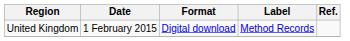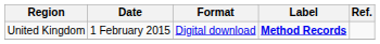 <table class=wikitable>
 <tr>
 <th>Region</th>
 <th>Date</th>
 <th>Format</th>
 <th>Label</th>
 <th>Ref.</th>
 </tr>
 <tr>
 <td>United Kingdom</td>
 <td>1 February 2015</td>
 <td><a href='#'>Digital download</a></td>
-<td><a href='#'>Method Records</a></td>
+<td><strong><a href='#'>Method Records</a></strong></td>
 <td></td>
 </tr>
 <tr>
 </tr>
 </table>
